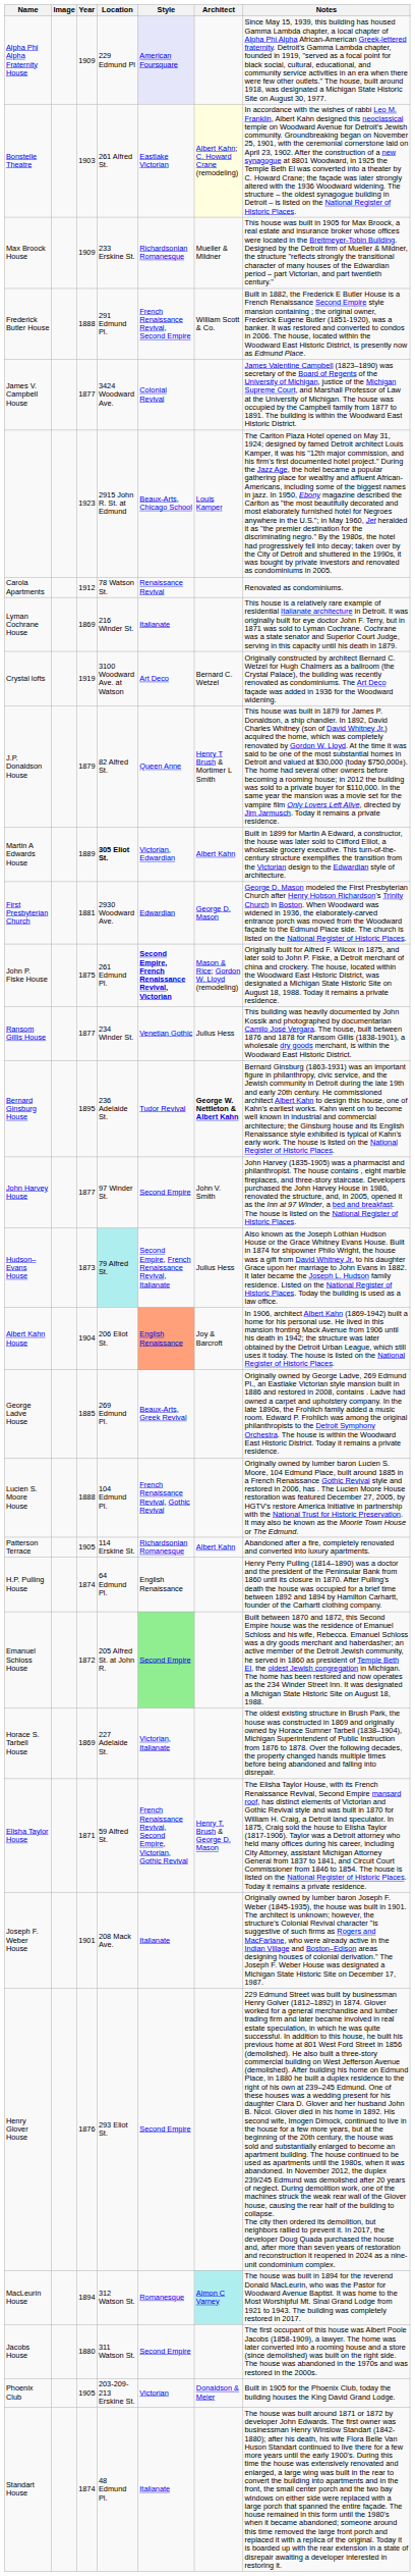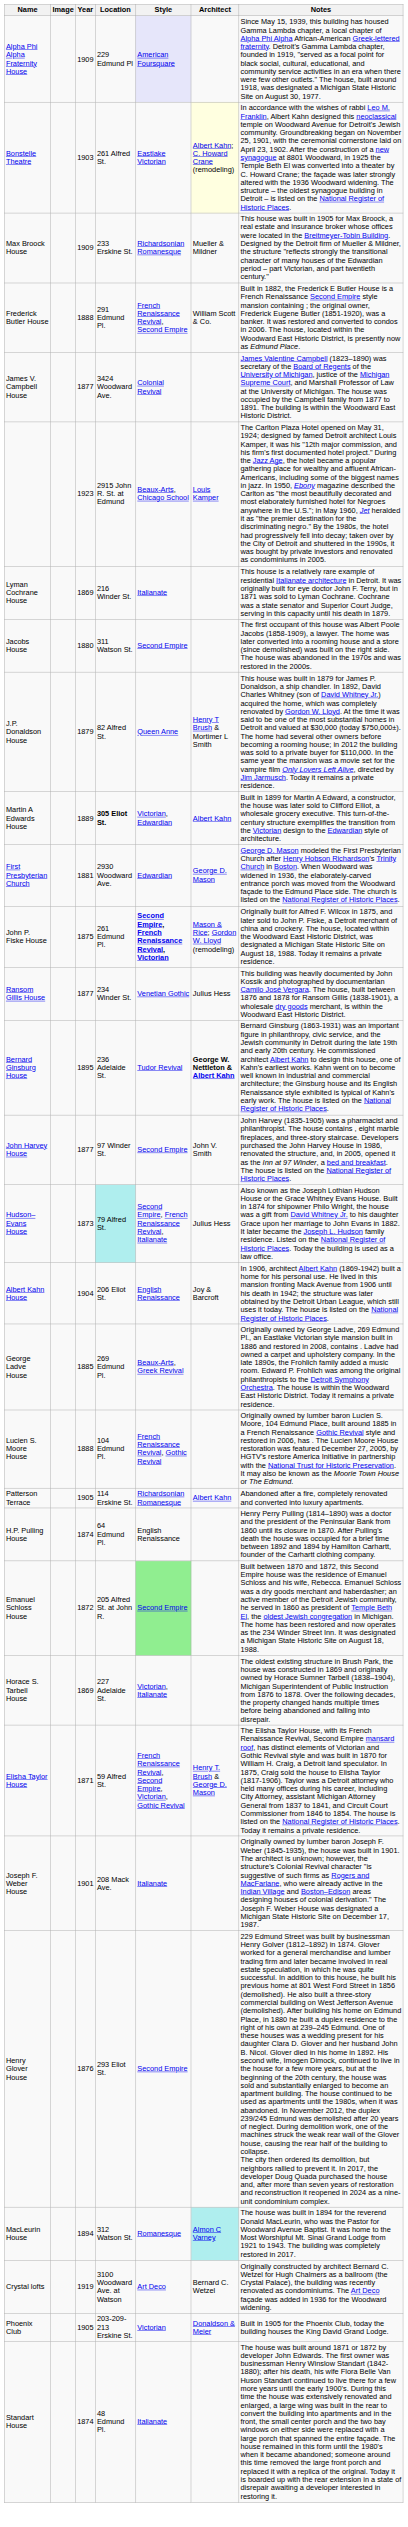 <table class="wikitable sortable">
 <tr>
 <th style="background:light gray; color:black">Name</th>
 <th class="unsortable" style="background:light gray; color:black">Image</th>
 <th style="background:light gray; color:black">Year</th>
 <th class="unsortable" style="background:light gray; color:black">Location</th>
 <th class="unsortable" style="background:light gray; color:black">Style</th>
 <th class="unsortable" style="background:light gray; color:black">Architect</th>
 <th class="unsortable" style="background:light gray; color:black">Notes</th>
 </tr>
 <tr>
 <td><a href='#'>Alpha Phi Alpha Fraternity House</a></td>
 <td></td>
 <td>1909</td>
 <td>229 Edmund Pl</td>
 <td style="background: lavender;"><a href='#'>American Foursquare</a></td>
 <td></td>
 <td>Since May 15, 1939, this building has housed Gamma Lambda chapter, a local chapter of <a href='#'>Alpha Phi Alpha</a> African-American <a href='#'>Greek-lettered</a> <a href='#'>fraternity</a>. Detroit's Gamma Lambda chapter, founded in 1919, "served as a focal point for black social, cultural, educational, and community service activities in an era when there were few other outlets." The house, built around 1918, was designated a Michigan State Historic Site on August 30, 1977.</td>
 </tr>
 <tr>
 <td><a href='#'>Bonstelle Theatre</a></td>
 <td></td>
 <td>1903</td>
 <td>261 Alfred St.</td>
 <td><a href='#'>Eastlake Victorian</a></td>
 <td style="background: lightyellow;"><a href='#'>Albert Kahn</a>; <a href='#'>C. Howard Crane</a> (remodeling)</td>
 <td>In accordance with the wishes of rabbi <a href='#'>Leo M. Franklin</a>, Albert Kahn designed this <a href='#'>neoclassical</a> temple on Woodward Avenue for Detroit's Jewish community. Groundbreaking began on November 25, 1901, with the ceremonial cornerstone laid on April 23, 1902. After the construction of a <a href='#'>new synagogue</a> at 8801 Woodward, in 1925 the Temple Beth El was converted into a theater by C. Howard Crane; the façade was later strongly altered with the 1936 Woodward widening. The structure – the oldest synagogue building in Detroit – is listed on the <a href='#'>National Register of Historic Places</a>.</td>
 </tr>
 <tr>
 <td>Max Broock House</td>
 <td></td>
 <td>1909</td>
 <td>233 Erskine St.</td>
 <td><a href='#'>Richardsonian Romanesque</a></td>
 <td>Mueller & Mildner</td>
 <td>This house was built in 1905 for Max Broock, a real estate and insurance broker whose offices were located in the <a href='#'>Breitmeyer-Tobin Building</a>. Designed by the Detroit firm of Mueller & Mildner, the structure "reflects strongly the transitional character of many houses of the Edwardian period – part Victorian, and part twentieth century."</td>
 </tr>
 <tr>
 <td>Frederick Butler House</td>
 <td></td>
 <td>1888</td>
 <td>291 Edmund Pl.</td>
 <td><a href='#'>French Renaissance Revival</a>, <a href='#'>Second Empire</a></td>
 <td>William Scott & Co.</td>
 <td>Built in 1882, the Frederick E Butler House is a French Renaissance <a href='#'>Second Empire</a> style mansion containing ; the original owner, Frederick Eugene Butler (1851-1920), was a banker. It was restored and converted to condos in 2006. The house, located within the Woodward East Historic District, is presently now as <em>Edmund Place</em>.</td>
 </tr>
 <tr>
 <td>James V. Campbell House</td>
 <td></td>
 <td>1877</td>
 <td>3424 Woodward Ave.</td>
 <td><a href='#'>Colonial Revival</a></td>
 <td></td>
 <td><a href='#'>James Valentine Campbell</a> (1823–1890) was secretary of the <a href='#'>Board of Regents</a> of the <a href='#'>University of Michigan</a>, justice of the <a href='#'>Michigan Supreme Court</a>, and Marshall Professor of Law at the University of Michigan. The house was occupied by the Campbell family from 1877 to 1891. The building is within the Woodward East Historic District.</td>
 </tr>
 <tr>
 <td></td>
 <td></td>
 <td>1923</td>
 <td>2915 John R. St. at Edmund</td>
 <td><a href='#'>Beaux-Arts</a>, <a href='#'>Chicago School</a></td>
 <td><a href='#'>Louis Kamper</a></td>
 <td>The Carlton Plaza Hotel opened on May 31, 1924; designed by famed Detroit architect Louis Kamper, it was his "12th major commission, and his firm's first documented hotel project." During the <a href='#'>Jazz Age</a>, the hotel became a popular gathering place for wealthy and affluent African-Americans, including some of the biggest names in jazz. In 1950, <em><a href='#'>Ebony</a></em> magazine described the Carlton as "the most beautifully decorated and most elaborately furnished hotel for Negroes anywhere in the U.S."; in May 1960, <em><a href='#'>Jet</a></em> heralded it as "the premier destination for the discriminating negro." By the 1980s, the hotel had progressively fell into decay; taken over by the City of Detroit and shuttered in the 1990s, it was bought by private investors and renovated as condominiums in 2005.</td>
 </tr>
 <tr>
-<td>Carola Apartments</td>
-<td></td>
-<td>1912</td>
-<td>78 Watson St.</td>
-<td><a href='#'>Renaissance Revival</a></td>
-<td></td>
-<td>Renovated as condominiums.</td>
-</tr>
-<tr>
 <td>Lyman Cochrane House</td>
 <td></td>
 <td>1869</td>
 <td>216 Winder St.</td>
 <td><a href='#'>Italianate</a></td>
 <td></td>
 <td>This house is a relatively rare example of residential <a href='#'>Italianate architecture</a> in Detroit. It was originally built for eye doctor John F. Terry, but in 1871 was sold to Lyman Cochrane. Cochrane was a state senator and Superior Court Judge, serving in this capacity until his death in 1879.</td>
 </tr>
 <tr>
-<td>Crystal lofts</td>
+<td>Jacobs House</td>
 <td></td>
-<td>1919</td>
-<td>3100 Woodward Ave. at Watson</td>
-<td><a href='#'>Art Deco</a></td>
-<td>Bernard C. Wetzel</td>
-<td>Originally constructed by architect Bernard C. Wetzel for Hugh Chalmers as a ballroom (the Crystal Palace), the building was recently renovated as condominiums. The <a href='#'>Art Deco</a> façade was added in 1936 for the Woodward widening.</td>
+<td>1880</td>
+<td>311 Watson St.</td>
+<td><a href='#'>Second Empire</a></td>
+<td></td>
+<td>The first occupant of this house was Albert Poole Jacobs (1858-1909), a lawyer. The home was later converted into a rooming house and a store (since demolished) was built on the right side. The house was abandoned in the 1970s and was restored in the 2000s.</td>
 </tr>
 <tr>
 <td>J.P. Donaldson House</td>
 <td></td>
 <td>1879</td>
 <td>82 Alfred St.</td>
 <td><a href='#'>Queen Anne</a></td>
 <td><a href='#'>Henry T Brush</a> & Mortimer L Smith</td>
 <td>This house was built in 1879 for James P. Donaldson, a ship chandler. In 1892, David Charles Whitney (son of <a href='#'>David Whitney Jr.</a>) acquired the home, which was completely renovated by <a href='#'>Gordon W. Lloyd</a>. At the time it was said to be one of the most substantial homes in Detroit and valued at $30,000 (today $750,000±). The home had several other owners before becoming a rooming house; in 2012 the building was sold to a private buyer for $110,000. In the same year the mansion was a movie set for the vampire film <em><a href='#'>Only Lovers Left Alive</a></em>, directed by <a href='#'>Jim Jarmusch</a>. Today it remains a private residence.</td>
 </tr>
 <tr>
 <td>Martin A Edwards House</td>
 <td></td>
 <td>1889</td>
 <td><strong>305 Eliot St.</strong></td>
 <td><a href='#'>Victorian</a>, <a href='#'>Edwardian</a></td>
 <td><a href='#'>Albert Kahn</a></td>
 <td>Built in 1899 for Martin A Edward, a constructor, the house was later sold to Clifford Elliot, a wholesale grocery executive. This turn-of-the-century structure exemplifies the transition from the <a href='#'>Victorian</a> design to the <a href='#'>Edwardian</a> style of architecture.</td>
 </tr>
 <tr>
 <td><a href='#'>First Presbyterian Church</a></td>
 <td></td>
 <td>1881</td>
 <td>2930 Woodward Ave.</td>
 <td><a href='#'>Edwardian</a></td>
 <td><a href='#'>George D. Mason</a></td>
 <td><a href='#'>George D. Mason</a> modeled the First Presbyterian Church after <a href='#'>Henry Hobson Richardson</a>'s <a href='#'>Trinity Church</a> in <a href='#'>Boston</a>. When Woodward was widened in 1936, the elaborately-carved entrance porch was moved from the Woodward façade to the Edmund Place side. The church is listed on the <a href='#'>National Register of Historic Places</a>.</td>
 </tr>
 <tr>
 <td>John P. Fiske House</td>
 <td></td>
 <td>1875</td>
 <td>261 Edmund Pl.</td>
 <td><strong><a href='#'>Second Empire</a>, <a href='#'>French Renaissance Revival</a>, <a href='#'>Victorian</a></strong></td>
 <td><a href='#'>Mason & Rice</a>; <a href='#'>Gordon W. Lloyd</a> (remodeling)</td>
 <td>Originally built for Alfred F. Wilcox in 1875, and later sold to John P. Fiske, a Detroit merchant of china and crockery. The house, located within the Woodward East Historic District, was designated a Michigan State Historic Site on August 18, 1988. Today it remains a private residence.</td>
 </tr>
 <tr>
 <td><a href='#'>Ransom Gillis House</a></td>
 <td></td>
 <td>1877</td>
 <td>234 Winder St.</td>
 <td><a href='#'>Venetian Gothic</a></td>
 <td>Julius Hess</td>
 <td>This building was heavily documented by John Kossik and photographed by documentarian <a href='#'>Camilo José Vergara</a>. The house, built between 1876 and 1878 for Ransom Gillis (1838-1901), a wholesale <a href='#'>dry goods</a> merchant, is within the Woodward East Historic District.</td>
 </tr>
 <tr>
 <td><a href='#'>Bernard Ginsburg House</a></td>
 <td></td>
 <td>1895</td>
 <td>236 Adelaide St.</td>
 <td><a href='#'>Tudor Revival</a></td>
 <td><strong>George W. Nettleton & <a href='#'>Albert Kahn</a></strong></td>
 <td>Bernard Ginsburg (1863-1931) was an important figure in philanthropy, civic service, and the Jewish community in Detroit during the late 19th and early 20th century. He commissioned architect <a href='#'>Albert Kahn</a> to design this house, one of Kahn's earliest works. Kahn went on to become well known in industrial and commercial architecture; the Ginsburg house and its English Renaissance style exhibited is typical of Kahn's early work. The house is listed on the <a href='#'>National Register of Historic Places</a>.</td>
 </tr>
 <tr>
 <td><a href='#'>John Harvey House</a></td>
 <td></td>
 <td>1877</td>
 <td>97 Winder St.</td>
 <td><a href='#'>Second Empire</a></td>
 <td>John V. Smith</td>
 <td>John Harvey (1835-1905) was a pharmacist and philanthropist. The house contains , eight marble fireplaces, and three-story staircase. Developers purchased the John Harvey House in 1986, renovated the structure, and, in 2005, opened it as the <em>Inn at 97 Winder</em>, a <a href='#'>bed and breakfast</a>. The house is listed on the <a href='#'>National Register of Historic Places</a>.</td>
 </tr>
 <tr>
 <td><a href='#'>Hudson–Evans House</a></td>
 <td></td>
 <td>1873</td>
 <td style="background: paleturquoise;">79 Alfred St.</td>
 <td><a href='#'>Second Empire</a>, <a href='#'>French Renaissance Revival</a>, <a href='#'>Italianate</a></td>
 <td>Julius Hess</td>
 <td>Also known as the Joseph Lothian Hudson House or the Grace Whitney Evans House. Built in 1874 for shipowner Philo Wright, the house was a gift from <a href='#'>David Whitney Jr.</a> to his daughter Grace upon her marriage to John Evans in 1882. It later became the <a href='#'>Joseph L. Hudson</a> family residence. Listed on the <a href='#'>National Register of Historic Places</a>. Today the building is used as a law office.</td>
 </tr>
 <tr>
 <td><a href='#'>Albert Kahn House</a></td>
 <td></td>
 <td>1904</td>
 <td>206 Eliot St.</td>
-<td style="background: lightsalmon;"><a href='#'>English Renaissance</a></td>
+<td><a href='#'>English Renaissance</a></td>
 <td>Joy & Barcroft</td>
 <td>In 1906, architect <a href='#'>Albert Kahn</a> (1869-1942) built a home for his personal use. He lived in this mansion fronting Mack Avenue from 1906 until his death in 1942; the structure was later obtained by the Detroit Urban League, which still uses it today. The house is listed on the <a href='#'>National Register of Historic Places</a>.</td>
 </tr>
 <tr>
 <td>George Ladve House</td>
 <td></td>
 <td>1885</td>
 <td>269 Edmund Pl.</td>
 <td><a href='#'>Beaux-Arts</a>, <a href='#'>Greek Revival</a></td>
 <td></td>
 <td>Originally owned by George Ladve, 269 Edmund Pl., an Eastlake Victorian style mansion built in 1886 and restored in 2008, contains . Ladve had owned a carpet and upholstery company. In the late 1890s, the Frohlich family added a music room. Edward P. Frohlich was among the original philanthropists to the <a href='#'>Detroit Symphony Orchestra</a>. The house is within the Woodward East Historic District. Today it remains a private residence.</td>
 </tr>
 <tr>
 <td>Lucien S. Moore House</td>
 <td></td>
 <td>1888</td>
 <td>104 Edmund Pl.</td>
 <td><a href='#'>French Renaissance Revival</a>, <a href='#'>Gothic Revival</a></td>
 <td></td>
 <td>Originally owned by lumber baron Lucien S. Moore, 104 Edmund Place, built around 1885 in a French Renaissance <a href='#'>Gothic Revival</a> style and restored in 2006, has . The Lucien Moore House restoration was featured December 27, 2005, by HGTV's restore America Initiative in partnership with the <a href='#'>National Trust for Historic Preservation</a>. It may also be known as the <em>Moorie Town House</em> or <em>The Edmund</em>.</td>
 </tr>
 <tr>
 <td>Patterson Terrace</td>
 <td></td>
 <td>1905</td>
 <td>114 Erskine St.</td>
 <td><a href='#'>Richardsonian Romanesque</a></td>
 <td><a href='#'>Albert Kahn</a></td>
 <td>Abandoned after a fire, completely renovated and converted into luxury apartments.</td>
 </tr>
 <tr>
 <td>H.P. Pulling House</td>
 <td></td>
 <td>1874</td>
 <td>64 Edmund Pl.</td>
 <td>English Renaissance</td>
 <td></td>
 <td>Henry Perry Pulling (1814–1890) was a doctor and the president of the Peninsular Bank from 1860 until its closure in 1870. After Pulling's death the house was occupied for a brief time between 1892 and 1894 by Hamilton Carhartt, founder of the Carhartt clothing company.</td>
 </tr>
 <tr>
 <td>Emanuel Schloss House</td>
 <td></td>
 <td>1872</td>
 <td>205 Alfred St. at John R.</td>
 <td style="background: lightgreen;"><a href='#'>Second Empire</a></td>
 <td></td>
 <td>Built between 1870 and 1872, this Second Empire house was the residence of Emanuel Schloss and his wife, Rebecca. Emanuel Schloss was a dry goods merchant and haberdasher; an active member of the Detroit Jewish community, he served in 1860 as president of <a href='#'>Temple Beth El</a>, the <a href='#'>oldest Jewish congregation</a> in Michigan. The home has been restored and now operates as the 234 Winder Street Inn. It was designated a Michigan State Historic Site on August 18, 1988.</td>
 </tr>
 <tr>
 <td>Horace S. Tarbell House</td>
 <td></td>
 <td>1869</td>
 <td>227 Adelaide St.</td>
 <td><a href='#'>Victorian</a>, <a href='#'>Italianate</a></td>
 <td></td>
 <td>The oldest existing structure in Brush Park, the house was constructed in 1869 and originally owned by Horace Sumner Tarbell (1838–1904), Michigan Superintendent of Public Instruction from 1876 to 1878. Over the following decades, the property changed hands multiple times before being abandoned and falling into disrepair.</td>
 </tr>
 <tr>
 <td><a href='#'>Elisha Taylor House</a></td>
 <td></td>
 <td>1871</td>
 <td>59 Alfred St.</td>
 <td><a href='#'>French Renaissance Revival</a>, <a href='#'>Second Empire</a>, <a href='#'>Victorian</a>, <a href='#'>Gothic Revival</a></td>
 <td><a href='#'>Henry T. Brush</a> & <a href='#'>George D. Mason</a></td>
 <td>The Elisha Taylor House, with its French Renaissance Revival, Second Empire <a href='#'>mansard roof</a>, has distinct elements of Victorian and Gothic Revival style and was built in 1870 for William H. Craig, a Detroit land speculator. In 1875, Craig sold the house to Elisha Taylor (1817-1906). Taylor was a Detroit attorney who held many offices during his career, including City Attorney, assistant Michigan Attorney General from 1837 to 1841, and Circuit Court Commissioner from 1846 to 1854. The house is listed on the <a href='#'>National Register of Historic Places</a>. Today it remains a private residence.</td>
 </tr>
 <tr>
 <td>Joseph F. Weber House</td>
 <td></td>
 <td>1901</td>
 <td>208 Mack Ave.</td>
 <td><a href='#'>Italianate</a></td>
 <td></td>
 <td>Originally owned by lumber baron Joseph F. Weber (1845-1935), the house was built in 1901. The architect is unknown; however, the structure's Colonial Revival character "is suggestive of such firms as <a href='#'>Rogers and MacFarlane</a>, who were already active in the <a href='#'>Indian Village</a> and <a href='#'>Boston–Edison</a> areas designing houses of colonial derivation." The Joseph F. Weber House was designated a Michigan State Historic Site on December 17, 1987.</td>
 </tr>
 <tr>
 <td>Henry Glover House</td>
 <td></td>
 <td>1876</td>
 <td>293 Eliot St.</td>
 <td><a href='#'>Second Empire</a></td>
 <td></td>
 <td>229 Edmund Street was built by businessman Henry Golver (1812–1892) in 1874. Glover worked for a general merchandise and lumber trading firm and later became involved in real estate speculation, in which he was quite successful. In addition to this house, he built his previous home at 801 West Ford Street in 1856 (demolished). He also built a three-story commercial building on West Jefferson Avenue (demolished). After building his home on Edmund Place, in 1880 he built a duplex residence to the right of his own at 239–245 Edmund. One of these houses was a wedding present for his daughter Clara D. Glover and her husband John B. Nicol. Glover died in his home in 1892. His second wife, Imogen Dimock, continued to live in the house for a few more years, but at the beginning of the 20th century, the house was sold and substantially enlarged to become an apartment building. The house continued to be used as apartments until the 1980s, when it was abandoned. In November 2012, the duplex 239/245 Edmund was demolished after 20 years of neglect. During demolition work, one of the machines struck the weak rear wall of the Glover house, causing the rear half of the building to collapse.<br>The city then ordered its demolition, but neighbors rallied to prevent it. In 2017, the developer Doug Quada purchased the house and, after more than seven years of restoration and reconstruction it reopened in 2024 as a nine-unit condominium complex.</td>
 </tr>
 <tr>
 <td>MacLeurin House</td>
 <td></td>
 <td>1894</td>
 <td>312 Watson St.</td>
 <td><a href='#'>Romanesque</a></td>
 <td style="background: paleturquoise;"><a href='#'>Almon C Varney</a></td>
 <td>The house was built in 1894 for the reverend Donald MacLeurin, who was the Pastor for Woodward Avenue Baptist. It was home to the Most Worshipful Mt. Sinai Grand Lodge from 1921 to 1943. The building was completely restored in 2017.</td>
 </tr>
 <tr>
-<td>Jacobs House</td>
+<td>Crystal lofts</td>
 <td></td>
-<td>1880</td>
-<td>311 Watson St.</td>
-<td><a href='#'>Second Empire</a></td>
-<td></td>
-<td>The first occupant of this house was Albert Poole Jacobs (1858-1909), a lawyer. The home was later converted into a rooming house and a store (since demolished) was built on the right side. The house was abandoned in the 1970s and was restored in the 2000s.</td>
+<td>1919</td>
+<td>3100 Woodward Ave. at Watson</td>
+<td><a href='#'>Art Deco</a></td>
+<td>Bernard C. Wetzel</td>
+<td>Originally constructed by architect Bernard C. Wetzel for Hugh Chalmers as a ballroom (the Crystal Palace), the building was recently renovated as condominiums. The <a href='#'>Art Deco</a> façade was added in 1936 for the Woodward widening.</td>
 </tr>
 <tr>
 <td>Phoenix Club</td>
 <td></td>
 <td>1905</td>
 <td>203-209-213 Erskine St.</td>
 <td><a href='#'>Victorian</a></td>
 <td><a href='#'>Donaldson & Meier</a></td>
 <td>Built in 1905 for the Phoenix Club, today the building houses the King David Grand Lodge.</td>
 </tr>
 <tr>
 <td>Standart House</td>
 <td></td>
 <td>1874</td>
 <td>48 Edmund Pl.</td>
 <td><a href='#'>Italianate</a></td>
 <td></td>
 <td>The house was built around 1871 or 1872 by developer John Edwards. The first owner was businessman Henry Winslow Standart (1842-1880); after his death, his wife Flora Belle Van Huson Standart continued to live there for a few more years until the early 1900's. During this time the house was extensively renovated and enlarged, a large wing was built in the rear to convert the building into apartments and in the front, the small center porch and the two bay windows on either side were replaced with a large porch that spanned the entire façade. The house remained in this form until the 1980's when it became abandoned; someone around this time removed the large front porch and replaced it with a replica of the original. Today it is boarded up with the rear extension in a state of disrepair awaiting a developer interested in restoring it.</td>
 </tr>
 </table>
